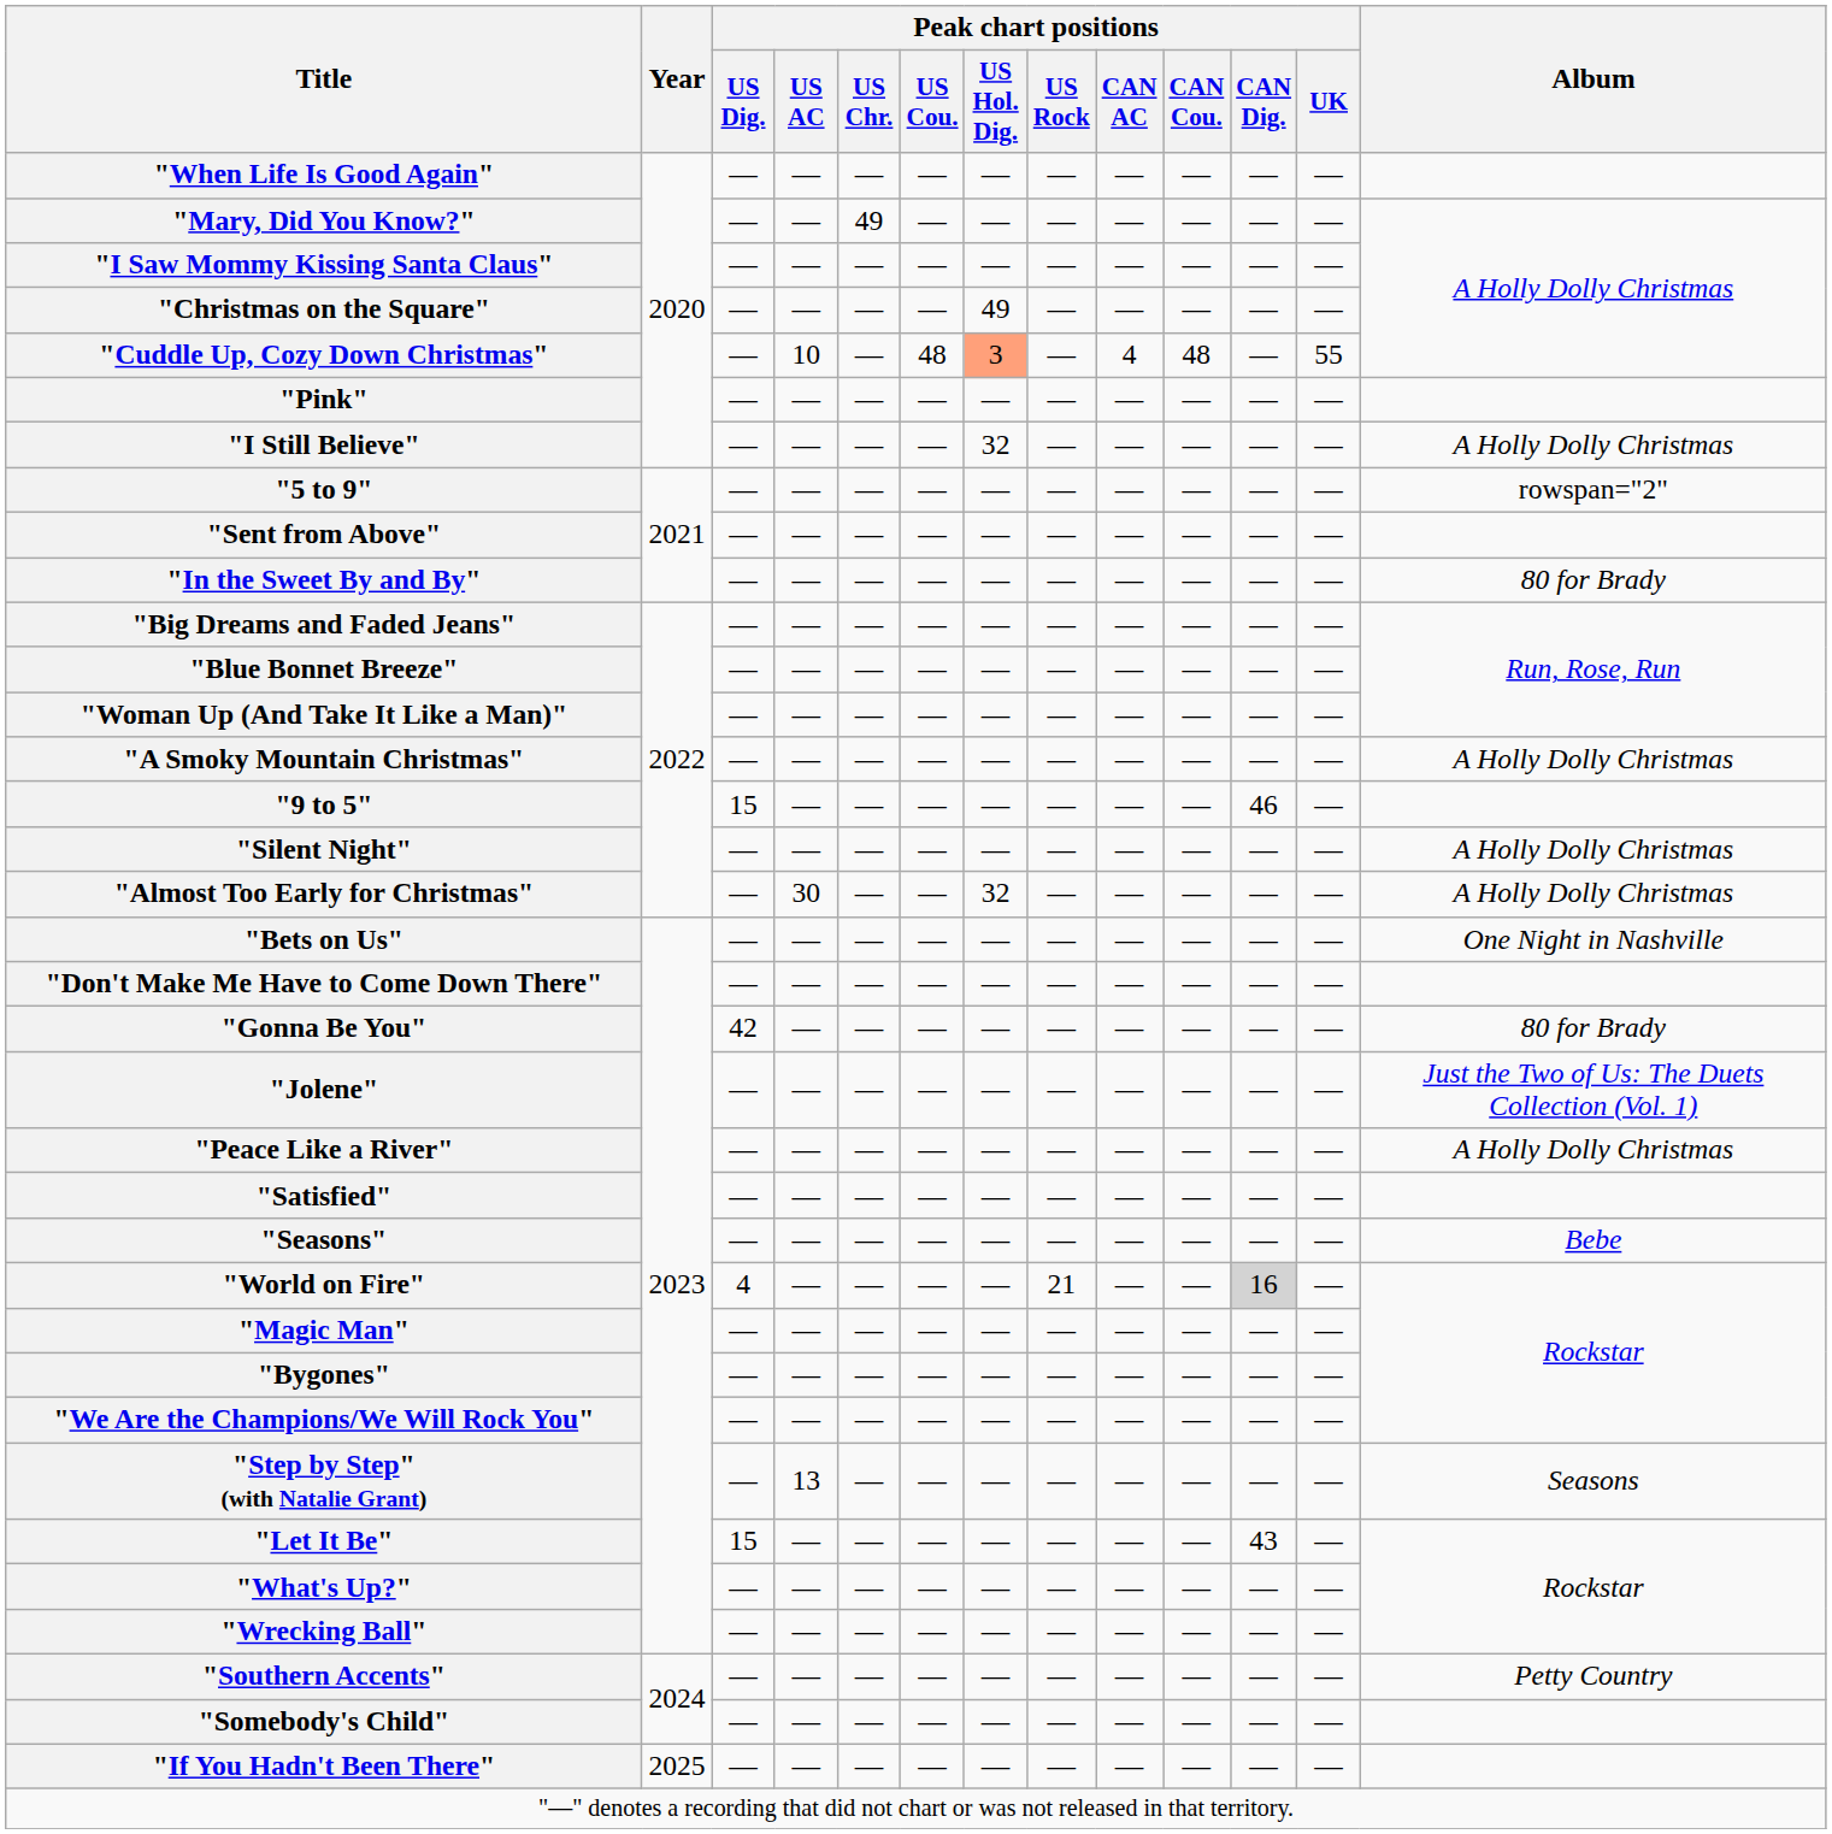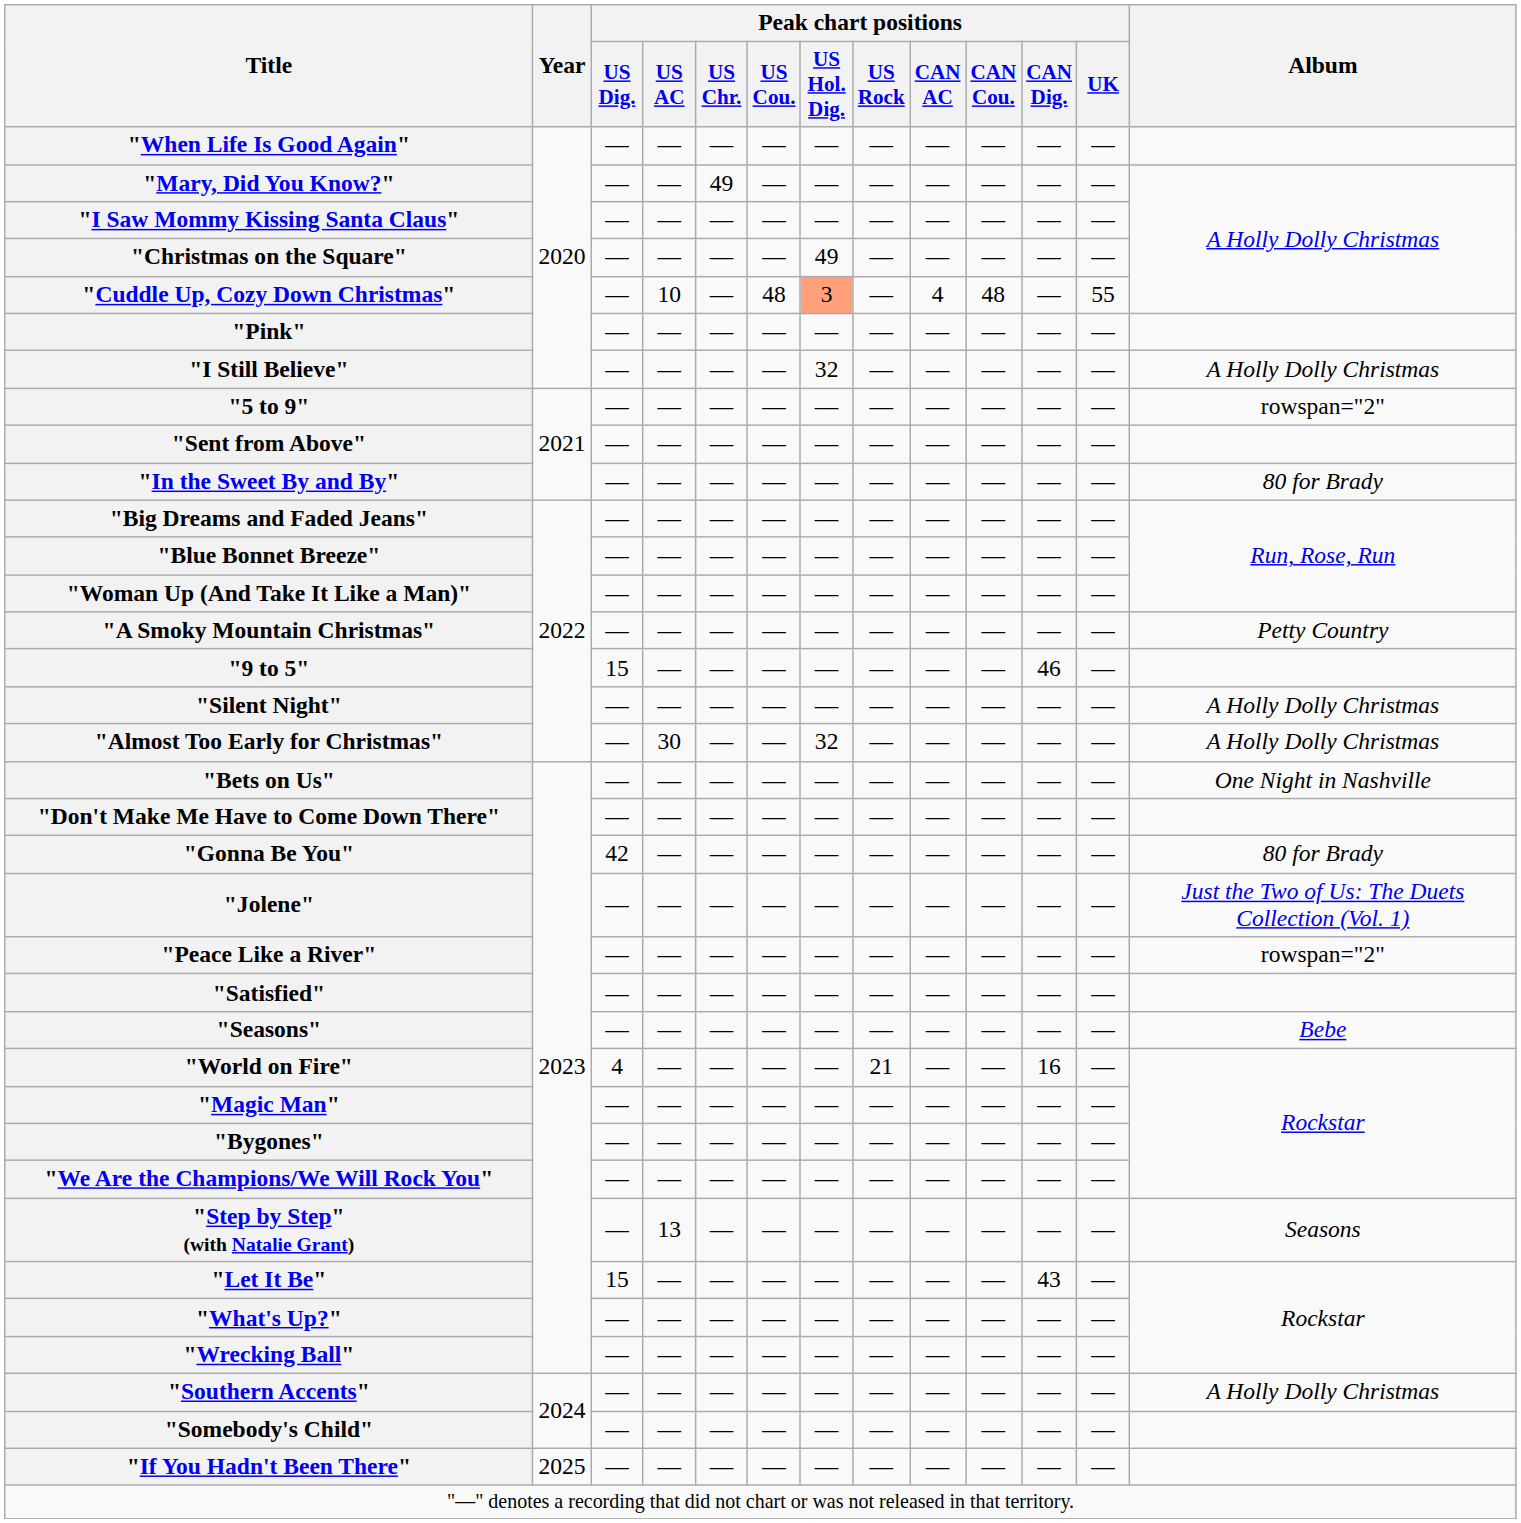 <table class="wikitable plainrowheaders" style="text-align:center;">
 <tr>
 <th scope="col" rowspan="2" style="width:22em;">Title</th>
 <th scope="col" rowspan="2" style="width:2em;">Year</th>
 <th scope="col" colspan="10">Peak chart positions</th>
 <th scope="col" rowspan="2" style="width:16em;">Album</th>
 </tr>
 <tr>
 <th scope="col" style="width:2em;font-size:90%;"><a href='#'>US<br>Dig.</a><br></th>
 <th scope="col" style="width:2em;font-size:90%;"><a href='#'>US<br>AC</a><br></th>
 <th scope="col" style="width:2em;font-size:90%;"><a href='#'>US<br>Chr.</a><br></th>
 <th scope="col" style="width:2em;font-size:90%;"><a href='#'>US<br>Cou.</a><br></th>
 <th scope="col" style="width:2em;font-size:90%;"><a href='#'>US<br>Hol.<br>Dig.</a><br></th>
 <th scope="col" style="width:2em;font-size:90%;"><a href='#'>US<br>Rock</a><br></th>
 <th scope="col" style="width:2em;font-size:90%;"><a href='#'>CAN<br>AC</a><br></th>
 <th scope="col" style="width:2em;font-size:90%;"><a href='#'>CAN<br>Cou.</a><br></th>
 <th scope="col" style="width:2em;font-size:90%;"><a href='#'>CAN<br>Dig.</a><br></th>
 <th scope="col" style="width:2em;font-size:90%;"><a href='#'>UK</a><br></th>
 </tr>
 <tr>
 <th scope="row">"<a href='#'>When Life Is Good Again</a>"</th>
 <td rowspan="7">2020</td>
 <td>—</td>
 <td>—</td>
 <td>—</td>
 <td>—</td>
 <td>—</td>
 <td>—</td>
 <td>—</td>
 <td>—</td>
 <td>—</td>
 <td>—</td>
 <td></td>
 </tr>
 <tr>
 <th scope="row">"<a href='#'>Mary, Did You Know?</a>"</th>
 <td>—</td>
 <td>—</td>
 <td>49</td>
 <td>—</td>
 <td>—</td>
 <td>—</td>
 <td>—</td>
 <td>—</td>
 <td>—</td>
 <td>—</td>
 <td rowspan="4"><em><a href='#'>A Holly Dolly Christmas</a></em></td>
 </tr>
 <tr>
 <th scope="row">"<a href='#'>I Saw Mommy Kissing Santa Claus</a>"</th>
 <td>—</td>
 <td>—</td>
 <td>—</td>
 <td>—</td>
 <td>—</td>
 <td>—</td>
 <td>—</td>
 <td>—</td>
 <td>—</td>
 <td>—</td>
 </tr>
 <tr>
 <th scope="row">"Christmas on the Square"</th>
 <td>—</td>
 <td>—</td>
 <td>—</td>
 <td>—</td>
 <td>49</td>
 <td>—</td>
 <td>—</td>
 <td>—</td>
 <td>—</td>
 <td>—</td>
 </tr>
 <tr>
 <th scope="row">"<a href='#'>Cuddle Up, Cozy Down Christmas</a>"<br></th>
 <td>—</td>
 <td>10</td>
 <td>—</td>
 <td>48</td>
 <td style="background: lightsalmon;">3</td>
 <td>—</td>
 <td>4</td>
 <td>48</td>
 <td>—</td>
 <td>55</td>
 </tr>
 <tr>
 <th scope="row">"Pink"<br></th>
 <td>—</td>
 <td>—</td>
 <td>—</td>
 <td>—</td>
 <td>—</td>
 <td>—</td>
 <td>—</td>
 <td>—</td>
 <td>—</td>
 <td>—</td>
 <td></td>
 </tr>
 <tr>
 <th scope="row">"I Still Believe"</th>
 <td>—</td>
 <td>—</td>
 <td>—</td>
 <td>—</td>
 <td>32</td>
 <td>—</td>
 <td>—</td>
 <td>—</td>
 <td>—</td>
 <td>—</td>
 <td><em>A Holly Dolly Christmas</em></td>
 </tr>
 <tr>
 <th scope = "row">"5 to 9"</th>
 <td rowspan="3">2021</td>
 <td>—</td>
 <td>—</td>
 <td>—</td>
 <td>—</td>
 <td>—</td>
 <td>—</td>
 <td>—</td>
 <td>—</td>
 <td>—</td>
 <td>—</td>
 <td>rowspan="2" </td>
 </tr>
 <tr>
 <th scope = "row">"Sent from Above"</th>
 <td>—</td>
 <td>—</td>
 <td>—</td>
 <td>—</td>
 <td>—</td>
 <td>—</td>
 <td>—</td>
 <td>—</td>
 <td>—</td>
 <td>—</td>
 </tr>
 <tr>
 <th scope = "row">"<a href='#'>In the Sweet By and By</a>"<br></th>
 <td>—</td>
 <td>—</td>
 <td>—</td>
 <td>—</td>
 <td>—</td>
 <td>—</td>
 <td>—</td>
 <td>—</td>
 <td>—</td>
 <td>—</td>
 <td><em>80 for Brady</em></td>
 </tr>
 <tr>
 <th scope = "row">"Big Dreams and Faded Jeans"</th>
 <td rowspan = "7">2022</td>
 <td>—</td>
 <td>—</td>
 <td>—</td>
 <td>—</td>
 <td>—</td>
 <td>—</td>
 <td>—</td>
 <td>—</td>
 <td>—</td>
 <td>—</td>
 <td rowspan = "3"><em><a href='#'>Run, Rose, Run</a></em></td>
 </tr>
 <tr>
 <th scope = "row">"Blue Bonnet Breeze"</th>
 <td>—</td>
 <td>—</td>
 <td>—</td>
 <td>—</td>
 <td>—</td>
 <td>—</td>
 <td>—</td>
 <td>—</td>
 <td>—</td>
 <td>—</td>
 </tr>
 <tr>
 <th scope = "row">"Woman Up (And Take It Like a Man)"</th>
 <td>—</td>
 <td>—</td>
 <td>—</td>
 <td>—</td>
 <td>—</td>
 <td>—</td>
 <td>—</td>
 <td>—</td>
 <td>—</td>
 <td>—</td>
 </tr>
 <tr>
 <th scope = "row">"A Smoky Mountain Christmas"</th>
 <td>—</td>
 <td>—</td>
 <td>—</td>
 <td>—</td>
 <td>—</td>
 <td>—</td>
 <td>—</td>
 <td>—</td>
 <td>—</td>
 <td>—</td>
-<td><em>A Holly Dolly Christmas</em></td>
+<td><em>Petty Country</em></td>
 </tr>
 <tr>
 <th scope="row">"9 to 5"<br></th>
 <td>15</td>
 <td>—</td>
 <td>—</td>
 <td>—</td>
 <td>—</td>
 <td>—</td>
 <td>—</td>
 <td>—</td>
 <td>46</td>
 <td>—</td>
 <td></td>
 </tr>
 <tr>
 <th scope = "row">"Silent Night"</th>
 <td>—</td>
 <td>—</td>
 <td>—</td>
 <td>—</td>
 <td>—</td>
 <td>—</td>
 <td>—</td>
 <td>—</td>
 <td>—</td>
 <td>—</td>
 <td><em>A Holly Dolly Christmas</em></td>
 </tr>
 <tr>
 <th scope = "row">"Almost Too Early for Christmas"<br></th>
 <td>—</td>
 <td>30</td>
 <td>—</td>
 <td>—</td>
 <td>32</td>
 <td>—</td>
 <td>—</td>
 <td>—</td>
 <td>—</td>
 <td>—</td>
 <td><em>A Holly Dolly Christmas</em></td>
 </tr>
 <tr>
 <th scope="row">"Bets on Us"<br></th>
 <td rowspan = "15">2023</td>
 <td>—</td>
 <td>—</td>
 <td>—</td>
 <td>—</td>
 <td>—</td>
 <td>—</td>
 <td>—</td>
 <td>—</td>
 <td>—</td>
 <td>—</td>
 <td><em>One Night in Nashville</em></td>
 </tr>
 <tr>
 <th scope="row">"Don't Make Me Have to Come Down There"</th>
 <td>—</td>
 <td>—</td>
 <td>—</td>
 <td>—</td>
 <td>—</td>
 <td>—</td>
 <td>—</td>
 <td>—</td>
 <td>—</td>
 <td>—</td>
 <td></td>
 </tr>
 <tr>
 <th scope = "row">"Gonna Be You"<br></th>
 <td>42</td>
 <td>—</td>
 <td>—</td>
 <td>—</td>
 <td>—</td>
 <td>—</td>
 <td>—</td>
 <td>—</td>
 <td>—</td>
 <td>—</td>
 <td><em>80 for Brady</em></td>
 </tr>
 <tr>
 <th scope = "row">"Jolene"<br></th>
 <td>—</td>
 <td>—</td>
 <td>—</td>
 <td>—</td>
 <td>—</td>
 <td>—</td>
 <td>—</td>
 <td>—</td>
 <td>—</td>
 <td>—</td>
 <td><em><a href='#'>Just the Two of Us: The Duets Collection (Vol. 1)</a></em></td>
 </tr>
 <tr>
 <th scope = "row">"Peace Like a River"<br></th>
 <td>—</td>
 <td>—</td>
 <td>—</td>
 <td>—</td>
 <td>—</td>
 <td>—</td>
 <td>—</td>
 <td>—</td>
 <td>—</td>
 <td>—</td>
-<td><em>A Holly Dolly Christmas</em></td>
+<td>rowspan="2" </td>
 </tr>
 <tr>
 <th scope = "row">"Satisfied"<br></th>
 <td>—</td>
 <td>—</td>
 <td>—</td>
 <td>—</td>
 <td>—</td>
 <td>—</td>
 <td>—</td>
 <td>—</td>
 <td>—</td>
 <td>—</td>
 </tr>
 <tr>
 <th scope="row">"Seasons"<br></th>
 <td>—</td>
 <td>—</td>
 <td>—</td>
 <td>—</td>
 <td>—</td>
 <td>—</td>
 <td>—</td>
 <td>—</td>
 <td>—</td>
 <td>—</td>
 <td><em><a href='#'>Bebe</a></em></td>
 </tr>
 <tr>
 <th scope="row">"World on Fire"</th>
 <td>4</td>
 <td>—</td>
 <td>—</td>
 <td>—</td>
 <td>—</td>
 <td>21</td>
 <td>—</td>
 <td>—</td>
-<td style="background: lightgrey;">16</td>
+<td>16</td>
 <td>—</td>
 <td rowspan="4"><em><a href='#'>Rockstar</a></em></td>
 </tr>
 <tr>
 <th scope="row">"<a href='#'>Magic Man</a>"<br> </th>
 <td>—</td>
 <td>—</td>
 <td>—</td>
 <td>—</td>
 <td>—</td>
 <td>—</td>
 <td>—</td>
 <td>—</td>
 <td>—</td>
 <td>—</td>
 </tr>
 <tr>
 <th scope="row">"Bygones"<br></th>
 <td>—</td>
 <td>—</td>
 <td>—</td>
 <td>—</td>
 <td>—</td>
 <td>—</td>
 <td>—</td>
 <td>—</td>
 <td>—</td>
 <td>—</td>
 </tr>
 <tr>
 <th scope="row">"<a href='#'>We Are the Champions/We Will Rock You</a>"</th>
 <td>—</td>
 <td>—</td>
 <td>—</td>
 <td>—</td>
 <td>—</td>
 <td>—</td>
 <td>—</td>
 <td>—</td>
 <td>—</td>
 <td>—</td>
 </tr>
 <tr>
 <th scope="row">"<a href='#'>Step by Step</a>" <br><small>(with <a href='#'>Natalie Grant</a>)</small></th>
 <td>—</td>
 <td>13</td>
 <td>—</td>
 <td>—</td>
 <td>—</td>
 <td>—</td>
 <td>—</td>
 <td>—</td>
 <td>—</td>
 <td>—</td>
 <td><em>Seasons</em></td>
 </tr>
 <tr>
 <th scope="row">"<a href='#'>Let It Be</a>"<br> </th>
 <td>15</td>
 <td>—</td>
 <td>—</td>
 <td>—</td>
 <td>—</td>
 <td>—</td>
 <td>—</td>
 <td>—</td>
 <td>43</td>
 <td>—</td>
 <td rowspan=3><em>Rockstar</em></td>
 </tr>
 <tr>
 <th scope="row">"<a href='#'>What's Up?</a>"<br></th>
 <td>—</td>
 <td>—</td>
 <td>—</td>
 <td>—</td>
 <td>—</td>
 <td>—</td>
 <td>—</td>
 <td>—</td>
 <td>—</td>
 <td>—</td>
 </tr>
 <tr>
 <th scope="row">"<a href='#'>Wrecking Ball</a>"<br></th>
 <td>—</td>
 <td>—</td>
 <td>—</td>
 <td>—</td>
 <td>—</td>
 <td>—</td>
 <td>—</td>
 <td>—</td>
 <td>—</td>
 <td>—</td>
 </tr>
 <tr>
 <th scope="row">"<a href='#'>Southern Accents</a>"</th>
 <td rowspan=2>2024</td>
 <td>—</td>
 <td>—</td>
 <td>—</td>
 <td>—</td>
 <td>—</td>
 <td>—</td>
 <td>—</td>
 <td>—</td>
 <td>—</td>
 <td>—</td>
-<td><em>Petty Country</em></td>
+<td><em>A Holly Dolly Christmas</em></td>
 </tr>
 <tr>
 <th scope="row">"Somebody's Child"<br> </th>
 <td>—</td>
 <td>—</td>
 <td>—</td>
 <td>—</td>
 <td>—</td>
 <td>—</td>
 <td>—</td>
 <td>—</td>
 <td>—</td>
 <td>—</td>
 <td></td>
 </tr>
 <tr>
 <th scope="row">"<a href='#'>If You Hadn't Been There</a>"</th>
 <td>2025</td>
 <td>—</td>
 <td>—</td>
 <td>—</td>
 <td>—</td>
 <td>—</td>
 <td>—</td>
 <td>—</td>
 <td>—</td>
 <td>—</td>
 <td>—</td>
 <td></td>
 </tr>
 <tr>
 <td colspan="13" style="font-size:85%">"—" denotes a recording that did not chart or was not released in that territory.</td>
 </tr>
 </table>
